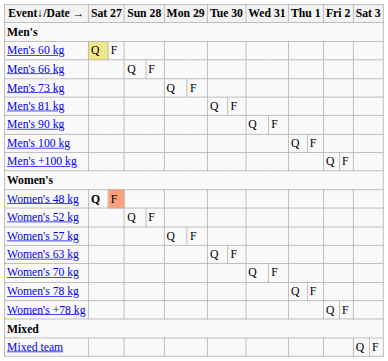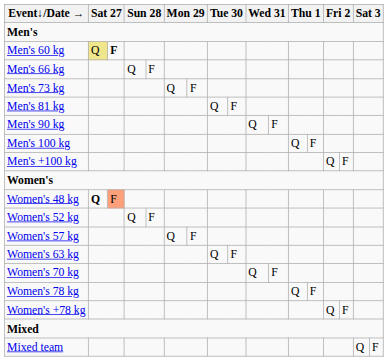 <table class="wikitable olympic-schedule judo">
 <tr>
 <th>Event↓/Date →</th>
 <th colspan=2>Sat 27</th>
 <th colspan=2>Sun 28</th>
 <th colspan=2>Mon 29</th>
 <th colspan=2>Tue 30</th>
 <th colspan=2>Wed 31</th>
 <th colspan=2>Thu 1</th>
 <th colspan=2>Fri 2</th>
 <th colspan=2>Sat 3</th>
 </tr>
 <tr>
 <td colspan=17><strong>Men's</strong></td>
 </tr>
 <tr>
 <td align=left><a href='#'>Men's 60 kg</a></td>
 <td class="qualifiers" style="background: khaki;">Q</td>
-<td class="final">F</td>
+<td class="final"><strong>F</strong></td>
 <td colspan=2></td>
 <td colspan=2></td>
 <td colspan=2></td>
 <td colspan=2></td>
 <td colspan=2></td>
 <td colspan=2></td>
 <td colspan=2></td>
 </tr>
 <tr>
 <td align=left><a href='#'>Men's 66 kg</a></td>
 <td colspan=2></td>
 <td class="qualifiers">Q</td>
 <td class="final">F</td>
 <td colspan=2></td>
 <td colspan=2></td>
 <td colspan=2></td>
 <td colspan=2></td>
 <td colspan=2></td>
 <td colspan=2></td>
 </tr>
 <tr>
 <td align=left><a href='#'>Men's 73 kg</a></td>
 <td colspan=2></td>
 <td colspan=2></td>
 <td class="qualifiers">Q</td>
 <td class="final">F</td>
 <td colspan=2></td>
 <td colspan=2></td>
 <td colspan=2></td>
 <td colspan=2></td>
 <td colspan=2></td>
 </tr>
 <tr>
 <td align=left><a href='#'>Men's 81 kg</a></td>
 <td colspan=2></td>
 <td colspan=2></td>
 <td colspan=2></td>
 <td class="qualifiers">Q</td>
 <td class="final">F</td>
 <td colspan=2></td>
 <td colspan=2></td>
 <td colspan=2></td>
 <td colspan=2></td>
 </tr>
 <tr>
 <td align=left><a href='#'>Men's 90 kg</a></td>
 <td colspan=2></td>
 <td colspan=2></td>
 <td colspan=2></td>
 <td colspan=2></td>
 <td class="qualifiers">Q</td>
 <td class="final">F</td>
 <td colspan=2></td>
 <td colspan=2></td>
 <td colspan=2></td>
 </tr>
 <tr>
 <td align=left><a href='#'>Men's 100 kg</a></td>
 <td colspan=2></td>
 <td colspan=2></td>
 <td colspan=2></td>
 <td colspan=2></td>
 <td colspan=2></td>
 <td class="qualifiers">Q</td>
 <td class="final">F</td>
 <td colspan=2></td>
 <td colspan=2></td>
 </tr>
 <tr>
 <td align=left><a href='#'>Men's +100 kg</a></td>
 <td colspan=2></td>
 <td colspan=2></td>
 <td colspan=2></td>
 <td colspan=2></td>
 <td colspan=2></td>
 <td colspan=2></td>
 <td class="qualifiers">Q</td>
 <td class="final">F</td>
 <td colspan=2></td>
 </tr>
 <tr>
 <td colspan=17><strong>Women's</strong></td>
 </tr>
 <tr>
 <td align=left><a href='#'>Women's 48 kg</a></td>
 <td class="qualifiers"><strong>Q</strong></td>
 <td class="final" style="background: lightsalmon;">F</td>
 <td colspan=2></td>
 <td colspan=2></td>
 <td colspan=2></td>
 <td colspan=2></td>
 <td colspan=2></td>
 <td colspan=2></td>
 <td colspan=2></td>
 </tr>
 <tr>
 <td align=left><a href='#'>Women's 52 kg</a></td>
 <td colspan=2></td>
 <td class="qualifiers">Q</td>
 <td class="final">F</td>
 <td colspan=2></td>
 <td colspan=2></td>
 <td colspan=2></td>
 <td colspan=2></td>
 <td colspan=2></td>
 <td colspan=2></td>
 </tr>
 <tr>
 <td align=left><a href='#'>Women's 57 kg</a></td>
 <td colspan=2></td>
 <td colspan=2></td>
 <td class="qualifiers">Q</td>
 <td class="final">F</td>
 <td colspan=2></td>
 <td colspan=2></td>
 <td colspan=2></td>
 <td colspan=2></td>
 <td colspan=2></td>
 </tr>
 <tr>
 <td align=left><a href='#'>Women's 63 kg</a></td>
 <td colspan=2></td>
 <td colspan=2></td>
 <td colspan=2></td>
 <td class="qualifiers">Q</td>
 <td class="final">F</td>
 <td colspan=2></td>
 <td colspan=2></td>
 <td colspan=2></td>
 <td colspan=2></td>
 </tr>
 <tr>
 <td align=left><a href='#'>Women's 70 kg</a></td>
 <td colspan=2></td>
 <td colspan=2></td>
 <td colspan=2></td>
 <td colspan=2></td>
 <td class="qualifiers">Q</td>
 <td class="final">F</td>
 <td colspan=2></td>
 <td colspan=2></td>
 <td colspan=2></td>
 </tr>
 <tr>
 <td align=left><a href='#'>Women's 78 kg</a></td>
 <td colspan=2></td>
 <td colspan=2></td>
 <td colspan=2></td>
 <td colspan=2></td>
 <td colspan=2></td>
 <td class="qualifiers">Q</td>
 <td class="final">F</td>
 <td colspan=2></td>
 <td colspan=2></td>
 </tr>
 <tr>
 <td align=left><a href='#'>Women's +78 kg</a></td>
 <td colspan=2></td>
 <td colspan=2></td>
 <td colspan=2></td>
 <td colspan=2></td>
 <td colspan=2></td>
 <td colspan=2></td>
 <td class="qualifiers">Q</td>
 <td class="final">F</td>
 <td colspan=2></td>
 </tr>
 <tr>
 <td colspan=17><strong>Mixed</strong></td>
 </tr>
 <tr>
 <td align=left><a href='#'>Mixed team</a></td>
 <td colspan=2></td>
 <td colspan=2></td>
 <td colspan=2></td>
 <td colspan=2></td>
 <td colspan=2></td>
 <td colspan=2></td>
 <td colspan=2></td>
 <td class="qualifiers">Q</td>
 <td class="final">F</td>
 </tr>
 </table>
